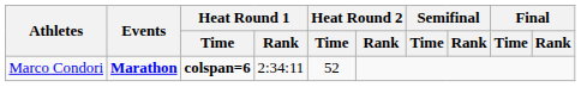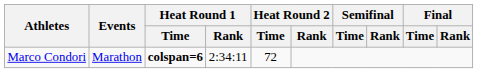 <table class=wikitable style=font-size:90%>
 <tr>
 <th rowspan=2>Athletes</th>
 <th rowspan=2>Events</th>
 <th colspan=2>Heat Round 1</th>
 <th colspan=2>Heat Round 2</th>
 <th colspan=2>Semifinal</th>
 <th colspan=2>Final</th>
 </tr>
 <tr>
 <th>Time</th>
 <th>Rank</th>
 <th>Time</th>
 <th>Rank</th>
 <th>Time</th>
 <th>Rank</th>
 <th>Time</th>
 <th>Rank</th>
 </tr>
 <tr>
 <td><a href='#'>Marco Condori</a></td>
-<td><strong><a href='#'>Marathon</a></strong></td>
+<td><a href='#'>Marathon</a></td>
 <td><strong>colspan=6</strong></td>
 <td align=center>2:34:11</td>
-<td align=center>52</td>
+<td align=center>72</td>
 </tr>
 </table>
